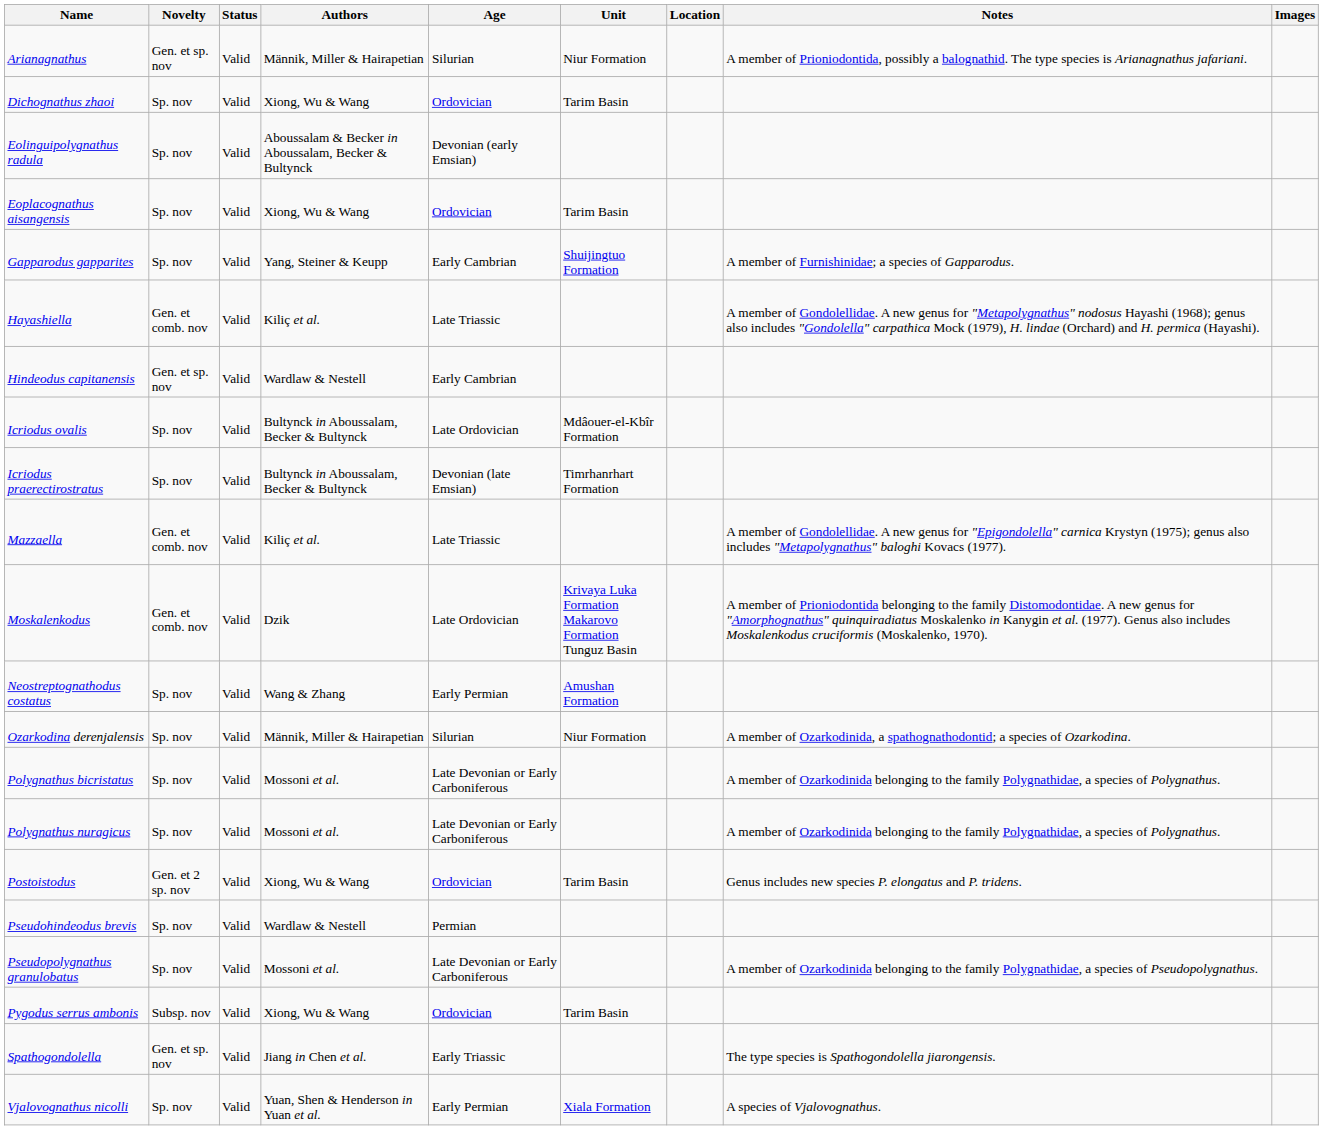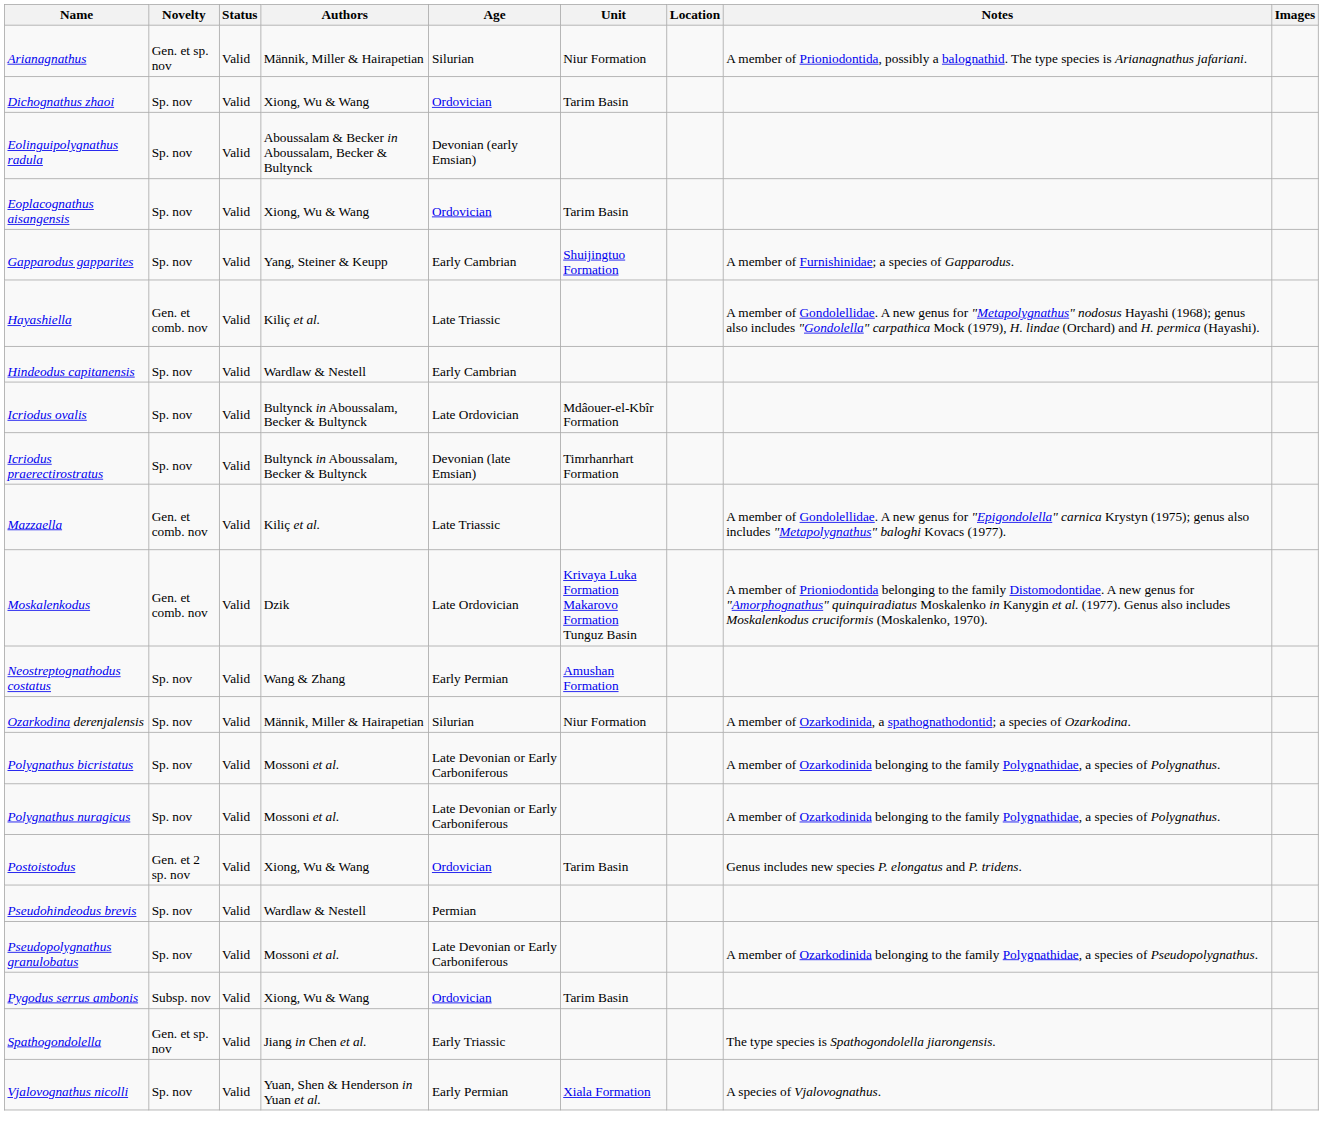 <table class="wikitable sortable"  style="margin:auto; width:100%;">
 <tr>
 <th>Name</th>
 <th>Novelty</th>
 <th>Status</th>
 <th>Authors</th>
 <th>Age</th>
 <th>Unit</th>
 <th>Location</th>
 <th>Notes</th>
 <th>Images</th>
 </tr>
 <tr>
 <td><br><em><a href='#'>Arianagnathus</a></em></td>
 <td><br>Gen. et sp. nov</td>
 <td><br>Valid</td>
 <td><br>Männik, Miller & Hairapetian</td>
 <td><br>Silurian</td>
 <td><br>Niur Formation</td>
 <td><br></td>
 <td><br>A member of <a href='#'>Prioniodontida</a>, possibly a <a href='#'>balognathid</a>. The type species is <em>Arianagnathus jafariani</em>.</td>
 <td></td>
 </tr>
 <tr>
 <td><br><em><a href='#'>Dichognathus zhaoi</a></em></td>
 <td><br>Sp. nov</td>
 <td><br>Valid</td>
 <td><br>Xiong, Wu & Wang</td>
 <td><br><a href='#'>Ordovician</a></td>
 <td><br>Tarim Basin</td>
 <td><br></td>
 <td></td>
 <td></td>
 </tr>
 <tr>
 <td><br><em><a href='#'>Eolinguipolygnathus radula</a></em></td>
 <td><br>Sp. nov</td>
 <td><br>Valid</td>
 <td><br>Aboussalam & Becker <em>in</em> Aboussalam, Becker & Bultynck</td>
 <td><br>Devonian (early Emsian)</td>
 <td></td>
 <td><br></td>
 <td></td>
 <td></td>
 </tr>
 <tr>
 <td><br><em><a href='#'>Eoplacognathus aisangensis</a></em></td>
 <td><br>Sp. nov</td>
 <td><br>Valid</td>
 <td><br>Xiong, Wu & Wang</td>
 <td><br><a href='#'>Ordovician</a></td>
 <td><br>Tarim Basin</td>
 <td><br></td>
 <td></td>
 <td></td>
 </tr>
 <tr>
 <td><br><em><a href='#'>Gapparodus gapparites</a></em></td>
 <td><br>Sp. nov</td>
 <td><br>Valid</td>
 <td><br>Yang, Steiner & Keupp</td>
 <td><br>Early Cambrian</td>
 <td><br><a href='#'>Shuijingtuo Formation</a></td>
 <td><br></td>
 <td><br>A member of <a href='#'>Furnishinidae</a>; a species of <em>Gapparodus</em>.</td>
 <td></td>
 </tr>
 <tr>
 <td><br><em><a href='#'>Hayashiella</a></em></td>
 <td><br>Gen. et comb. nov</td>
 <td><br>Valid</td>
 <td><br>Kiliç <em>et al.</em></td>
 <td><br>Late Triassic</td>
 <td></td>
 <td><br><br> <br> <br> </td>
 <td><br>A member of <a href='#'>Gondolellidae</a>. A new genus for <em>"<a href='#'>Metapolygnathus</a>" nodosus</em> Hayashi (1968); genus also includes <em>"<a href='#'>Gondolella</a>" carpathica</em> Mock (1979), <em>H. lindae</em> (Orchard) and <em>H. permica</em> (Hayashi).</td>
 <td></td>
 </tr>
 <tr>
 <td><br><em><a href='#'>Hindeodus capitanensis</a></em></td>
-<td><br>Gen. et sp. nov</td>
+<td><br>Sp. nov</td>
 <td><br>Valid</td>
 <td><br>Wardlaw & Nestell</td>
 <td><br>Early Cambrian</td>
 <td></td>
 <td><br></td>
 <td></td>
 <td></td>
 </tr>
 <tr>
 <td><br><em><a href='#'>Icriodus ovalis</a></em></td>
 <td><br>Sp. nov</td>
 <td><br>Valid</td>
 <td><br>Bultynck <em>in</em> Aboussalam, Becker & Bultynck</td>
 <td><br>Late Ordovician</td>
 <td><br>Mdâouer-el-Kbîr Formation</td>
 <td><br></td>
 <td></td>
 <td></td>
 </tr>
 <tr>
 <td><br><em><a href='#'>Icriodus praerectirostratus</a></em></td>
 <td><br>Sp. nov</td>
 <td><br>Valid</td>
 <td><br>Bultynck <em>in</em> Aboussalam, Becker & Bultynck</td>
 <td><br>Devonian (late Emsian)</td>
 <td><br>Timrhanrhart Formation</td>
 <td><br></td>
 <td></td>
 <td></td>
 </tr>
 <tr>
 <td><br><em><a href='#'>Mazzaella</a></em></td>
 <td><br>Gen. et comb. nov</td>
 <td><br>Valid</td>
 <td><br>Kiliç <em>et al.</em></td>
 <td><br>Late Triassic</td>
 <td></td>
 <td><br><br> <br> <br> </td>
 <td><br>A member of <a href='#'>Gondolellidae</a>. A new genus for <em>"<a href='#'>Epigondolella</a>" carnica</em> Krystyn (1975); genus also includes <em>"<a href='#'>Metapolygnathus</a>"  baloghi</em> Kovacs (1977).</td>
 <td></td>
 </tr>
 <tr>
 <td><br><em><a href='#'>Moskalenkodus</a></em></td>
 <td><br>Gen. et comb. nov</td>
 <td><br>Valid</td>
 <td><br>Dzik</td>
 <td><br>Late Ordovician</td>
 <td><br><a href='#'>Krivaya Luka Formation</a><br> <a href='#'>Makarovo Formation</a><br> Tunguz Basin</td>
 <td><br></td>
 <td><br>A member of <a href='#'>Prioniodontida</a> belonging to the family <a href='#'>Distomodontidae</a>. A new genus for <em>"<a href='#'>Amorphognathus</a>" quinquiradiatus</em> Moskalenko <em>in</em> Kanygin <em>et al.</em> (1977). Genus also includes <em>Moskalenkodus cruciformis</em> (Moskalenko, 1970).</td>
 <td></td>
 </tr>
 <tr>
 <td><br><em><a href='#'>Neostreptognathodus costatus</a></em></td>
 <td><br>Sp. nov</td>
 <td><br>Valid</td>
 <td><br>Wang & Zhang</td>
 <td><br>Early Permian</td>
 <td><br><a href='#'>Amushan Formation</a></td>
 <td><br></td>
 <td></td>
 <td></td>
 </tr>
 <tr>
 <td><br><em><a href='#'>Ozarkodina</a> derenjalensis</em></td>
 <td><br>Sp. nov</td>
 <td><br>Valid</td>
 <td><br>Männik, Miller & Hairapetian</td>
 <td><br>Silurian</td>
 <td><br>Niur Formation</td>
 <td><br></td>
 <td><br>A member of <a href='#'>Ozarkodinida</a>, a <a href='#'>spathognathodontid</a>; a species of <em>Ozarkodina</em>.</td>
 <td></td>
 </tr>
 <tr>
 <td><br><em><a href='#'>Polygnathus bicristatus</a></em></td>
 <td><br>Sp. nov</td>
 <td><br>Valid</td>
 <td><br>Mossoni <em>et al.</em></td>
 <td><br>Late Devonian or Early Carboniferous</td>
 <td></td>
 <td><br></td>
 <td><br>A member of <a href='#'>Ozarkodinida</a> belonging to the family <a href='#'>Polygnathidae</a>, a species of <em>Polygnathus</em>.</td>
 <td></td>
 </tr>
 <tr>
 <td><br><em><a href='#'>Polygnathus nuragicus</a></em></td>
 <td><br>Sp. nov</td>
 <td><br>Valid</td>
 <td><br>Mossoni <em>et al.</em></td>
 <td><br>Late Devonian or Early Carboniferous</td>
 <td></td>
 <td><br></td>
 <td><br>A member of <a href='#'>Ozarkodinida</a> belonging to the family <a href='#'>Polygnathidae</a>, a species of <em>Polygnathus</em>.</td>
 <td></td>
 </tr>
 <tr>
 <td><br><em><a href='#'>Postoistodus</a></em></td>
 <td><br>Gen. et 2 sp. nov</td>
 <td><br>Valid</td>
 <td><br>Xiong, Wu & Wang</td>
 <td><br><a href='#'>Ordovician</a></td>
 <td><br>Tarim Basin</td>
 <td><br></td>
 <td><br>Genus includes new species <em>P. elongatus</em> and <em>P. tridens</em>.</td>
 <td></td>
 </tr>
 <tr>
 <td><br><em><a href='#'>Pseudohindeodus brevis</a></em></td>
 <td><br>Sp. nov</td>
 <td><br>Valid</td>
 <td><br>Wardlaw & Nestell</td>
 <td><br>Permian</td>
 <td></td>
 <td><br></td>
 <td></td>
 <td></td>
 </tr>
 <tr>
 <td><br><em><a href='#'>Pseudopolygnathus granulobatus</a></em></td>
 <td><br>Sp. nov</td>
 <td><br>Valid</td>
 <td><br>Mossoni <em>et al.</em></td>
 <td><br>Late Devonian or Early Carboniferous</td>
 <td></td>
 <td><br></td>
 <td><br>A member of <a href='#'>Ozarkodinida</a> belonging to the family <a href='#'>Polygnathidae</a>, a species of <em>Pseudopolygnathus</em>.</td>
 <td></td>
 </tr>
 <tr>
 <td><br><em><a href='#'>Pygodus serrus ambonis</a></em></td>
 <td><br>Subsp. nov</td>
 <td><br>Valid</td>
 <td><br>Xiong, Wu & Wang</td>
 <td><br><a href='#'>Ordovician</a></td>
 <td><br>Tarim Basin</td>
 <td><br></td>
 <td></td>
 <td></td>
 </tr>
 <tr>
 <td><br><em><a href='#'>Spathogondolella</a></em></td>
 <td><br>Gen. et sp. nov</td>
 <td><br>Valid</td>
 <td><br>Jiang <em>in</em> Chen <em>et al.</em></td>
 <td><br>Early Triassic</td>
 <td></td>
 <td><br></td>
 <td><br>The type species is <em>Spathogondolella jiarongensis</em>.</td>
 <td></td>
 </tr>
 <tr>
 <td><br><em><a href='#'>Vjalovognathus nicolli</a></em></td>
 <td><br>Sp. nov</td>
 <td><br>Valid</td>
 <td><br>Yuan, Shen & Henderson <em>in</em> Yuan <em>et al.</em></td>
 <td><br>Early Permian</td>
 <td><br><a href='#'>Xiala Formation</a></td>
 <td><br></td>
 <td><br>A species of <em>Vjalovognathus</em>.</td>
 <td></td>
 </tr>
 </table>
